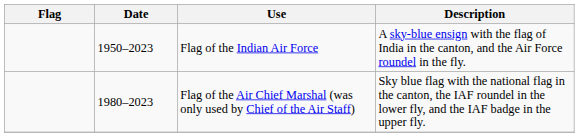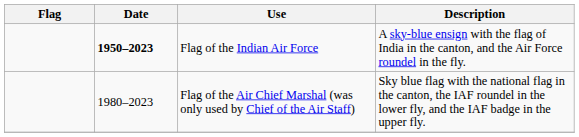 <table class="wikitable">
 <tr>
 <th style="width:110px;">Flag</th>
 <th style="width:100px;">Date</th>
 <th style="width:250px;">Use</th>
 <th style="width:250px;">Description</th>
 </tr>
 <tr>
 <td></td>
-<td>1950–2023</td>
+<td><strong>1950–2023</strong></td>
 <td>Flag of the <a href='#'>Indian Air Force</a></td>
 <td>A <a href='#'>sky-blue ensign</a> with the flag of India in the canton, and the Air Force <a href='#'>roundel</a> in the fly.</td>
 </tr>
 <tr>
 <td></td>
 <td>1980–2023</td>
 <td>Flag of the <a href='#'>Air Chief Marshal</a> (was only used by <a href='#'>Chief of the Air Staff</a>)</td>
 <td>Sky blue flag with the national flag in the canton, the IAF roundel in the lower fly, and the IAF badge in the upper fly.</td>
 </tr>
 <tr>
 </tr>
 </table>
